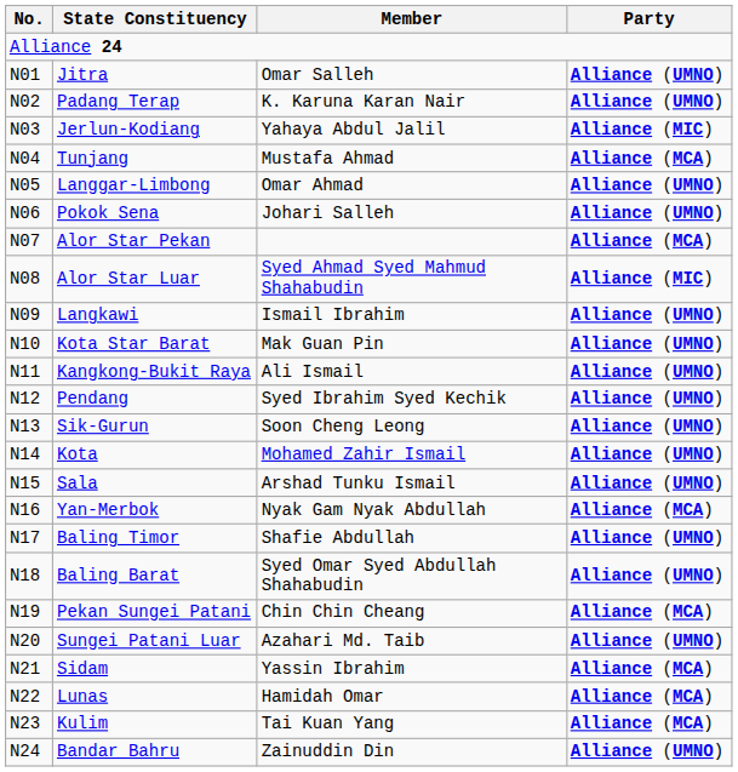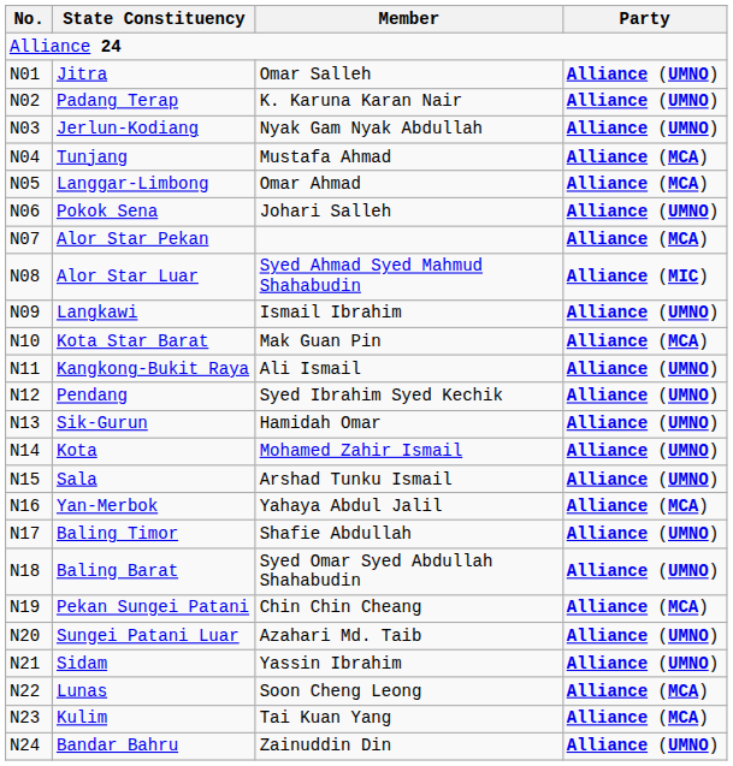 <table class="wikitable sortable">
 <tr>
 <th style="width:30px;">No.</th>
 <th style="width:150px;">State Constituency</th>
 <th style="width:230px;">Member</th>
 <th style="width:120px;">Party</th>
 </tr>
 <tr>
 <td colspan="4"><a href='#'>Alliance</a> <strong>24</strong></td>
 </tr>
 <tr>
 <td>N01</td>
 <td><a href='#'>Jitra</a></td>
 <td>Omar Salleh</td>
 <td><strong><a href='#'>Alliance</a></strong> (<strong><a href='#'>UMNO</a></strong>)</td>
 </tr>
 <tr>
 <td>N02</td>
 <td><a href='#'>Padang Terap</a></td>
 <td>K. Karuna Karan Nair</td>
 <td><strong><a href='#'>Alliance</a></strong> (<strong><a href='#'>UMNO</a></strong>)</td>
 </tr>
 <tr>
 <td>N03</td>
 <td><a href='#'>Jerlun-Kodiang</a></td>
-<td>Yahaya Abdul Jalil</td>
-<td><strong><a href='#'>Alliance</a></strong> (<strong><a href='#'>MIC</a></strong>)</td>
+<td>Nyak Gam Nyak Abdullah</td>
+<td><strong><a href='#'>Alliance</a></strong> (<strong><a href='#'>UMNO</a></strong>)</td>
 </tr>
 <tr>
 <td>N04</td>
 <td><a href='#'>Tunjang</a></td>
 <td>Mustafa Ahmad</td>
 <td><strong><a href='#'>Alliance</a></strong> (<strong><a href='#'>MCA</a></strong>)</td>
 </tr>
 <tr>
 <td>N05</td>
 <td><a href='#'>Langgar-Limbong</a></td>
 <td>Omar Ahmad</td>
-<td><strong><a href='#'>Alliance</a></strong> (<strong><a href='#'>UMNO</a></strong>)</td>
+<td><strong><a href='#'>Alliance</a></strong> (<strong><a href='#'>MCA</a></strong>)</td>
 </tr>
 <tr>
 <td>N06</td>
 <td><a href='#'>Pokok Sena</a></td>
 <td>Johari Salleh</td>
 <td><strong><a href='#'>Alliance</a></strong> (<strong><a href='#'>UMNO</a></strong>)</td>
 </tr>
 <tr>
 <td>N07</td>
 <td><a href='#'>Alor Star Pekan</a></td>
 <td></td>
 <td><strong><a href='#'>Alliance</a></strong> (<strong><a href='#'>MCA</a></strong>)</td>
 </tr>
 <tr>
 <td>N08</td>
 <td><a href='#'>Alor Star Luar</a></td>
 <td><a href='#'>Syed Ahmad Syed Mahmud Shahabudin</a></td>
 <td><strong><a href='#'>Alliance</a></strong> (<strong><a href='#'>MIC</a></strong>)</td>
 </tr>
 <tr>
 <td>N09</td>
 <td><a href='#'>Langkawi</a></td>
 <td>Ismail Ibrahim</td>
 <td><strong><a href='#'>Alliance</a></strong> (<strong><a href='#'>UMNO</a></strong>)</td>
 </tr>
 <tr>
 <td>N10</td>
 <td><a href='#'>Kota Star Barat</a></td>
 <td>Mak Guan Pin</td>
-<td><strong><a href='#'>Alliance</a></strong> (<strong><a href='#'>UMNO</a></strong>)</td>
+<td><strong><a href='#'>Alliance</a></strong> (<strong><a href='#'>MCA</a></strong>)</td>
 </tr>
 <tr>
 <td>N11</td>
 <td><a href='#'>Kangkong-Bukit Raya</a></td>
 <td>Ali Ismail</td>
 <td><strong><a href='#'>Alliance</a></strong> (<strong><a href='#'>UMNO</a></strong>)</td>
 </tr>
 <tr>
 <td>N12</td>
 <td><a href='#'>Pendang</a></td>
 <td>Syed Ibrahim Syed Kechik</td>
 <td><strong><a href='#'>Alliance</a></strong> (<strong><a href='#'>UMNO</a></strong>)</td>
 </tr>
 <tr>
 <td>N13</td>
 <td><a href='#'>Sik-Gurun</a></td>
-<td>Soon Cheng Leong</td>
+<td>Hamidah Omar</td>
 <td><strong><a href='#'>Alliance</a></strong> (<strong><a href='#'>UMNO</a></strong>)</td>
 </tr>
 <tr>
 <td>N14</td>
 <td><a href='#'>Kota</a></td>
 <td><a href='#'>Mohamed Zahir Ismail</a></td>
 <td><strong><a href='#'>Alliance</a></strong> (<strong><a href='#'>UMNO</a></strong>)</td>
 </tr>
 <tr>
 <td>N15</td>
 <td><a href='#'>Sala</a></td>
 <td>Arshad Tunku Ismail</td>
 <td><strong><a href='#'>Alliance</a></strong> (<strong><a href='#'>UMNO</a></strong>)</td>
 </tr>
 <tr>
 <td>N16</td>
 <td><a href='#'>Yan-Merbok</a></td>
-<td>Nyak Gam Nyak Abdullah</td>
+<td>Yahaya Abdul Jalil</td>
 <td><strong><a href='#'>Alliance</a></strong> (<strong><a href='#'>MCA</a></strong>)</td>
 </tr>
 <tr>
 <td>N17</td>
 <td><a href='#'>Baling Timor</a></td>
 <td>Shafie Abdullah</td>
 <td><strong><a href='#'>Alliance</a></strong> (<strong><a href='#'>UMNO</a></strong>)</td>
 </tr>
 <tr>
 <td>N18</td>
 <td><a href='#'>Baling Barat</a></td>
 <td>Syed Omar Syed Abdullah Shahabudin</td>
 <td><strong><a href='#'>Alliance</a></strong> (<strong><a href='#'>UMNO</a></strong>)</td>
 </tr>
 <tr>
 <td>N19</td>
 <td><a href='#'>Pekan Sungei Patani</a></td>
 <td>Chin Chin Cheang</td>
 <td><strong><a href='#'>Alliance</a></strong> (<strong><a href='#'>MCA</a></strong>)</td>
 </tr>
 <tr>
 <td>N20</td>
 <td><a href='#'>Sungei Patani Luar</a></td>
 <td>Azahari Md. Taib</td>
 <td><strong><a href='#'>Alliance</a></strong> (<strong><a href='#'>UMNO</a></strong>)</td>
 </tr>
 <tr>
 <td>N21</td>
 <td><a href='#'>Sidam</a></td>
 <td>Yassin Ibrahim</td>
-<td><strong><a href='#'>Alliance</a></strong> (<strong><a href='#'>MCA</a></strong>)</td>
+<td><strong><a href='#'>Alliance</a></strong> (<strong><a href='#'>UMNO</a></strong>)</td>
 </tr>
 <tr>
 <td>N22</td>
 <td><a href='#'>Lunas</a></td>
-<td>Hamidah Omar</td>
+<td>Soon Cheng Leong</td>
 <td><strong><a href='#'>Alliance</a></strong> (<strong><a href='#'>MCA</a></strong>)</td>
 </tr>
 <tr>
 <td>N23</td>
 <td><a href='#'>Kulim</a></td>
 <td>Tai Kuan Yang</td>
 <td><strong><a href='#'>Alliance</a></strong> (<strong><a href='#'>MCA</a></strong>)</td>
 </tr>
 <tr>
 <td>N24</td>
 <td><a href='#'>Bandar Bahru</a></td>
 <td>Zainuddin Din</td>
 <td><strong><a href='#'>Alliance</a></strong> (<strong><a href='#'>UMNO</a></strong>)</td>
 </tr>
 </table>
